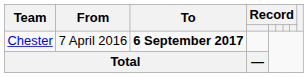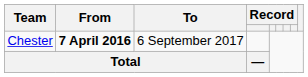 <table class=wikitable style="text-align: center">
 <tr>
 <th rowspan=2>Team</th>
 <th rowspan=2>From</th>
 <th rowspan=2>To</th>
 <th colspan=5>Record</th>
 <th rowspan=2></th>
 </tr>
 <tr>
 <th></th>
 <th></th>
 <th></th>
 <th></th>
 <th></th>
 </tr>
 <tr>
 <td align=left><a href='#'>Chester</a></td>
-<td align=left>7 April 2016</td>
-<td align=left><strong>6 September 2017<br></strong></td>
+<td align=left><strong>7 April 2016</strong></td>
+<td align=left>6 September 2017<br></td>
 <td></td>
 </tr>
 <tr>
 <th colspan=3>Total<br></th>
 <th>—</th>
 </tr>
 </table>
